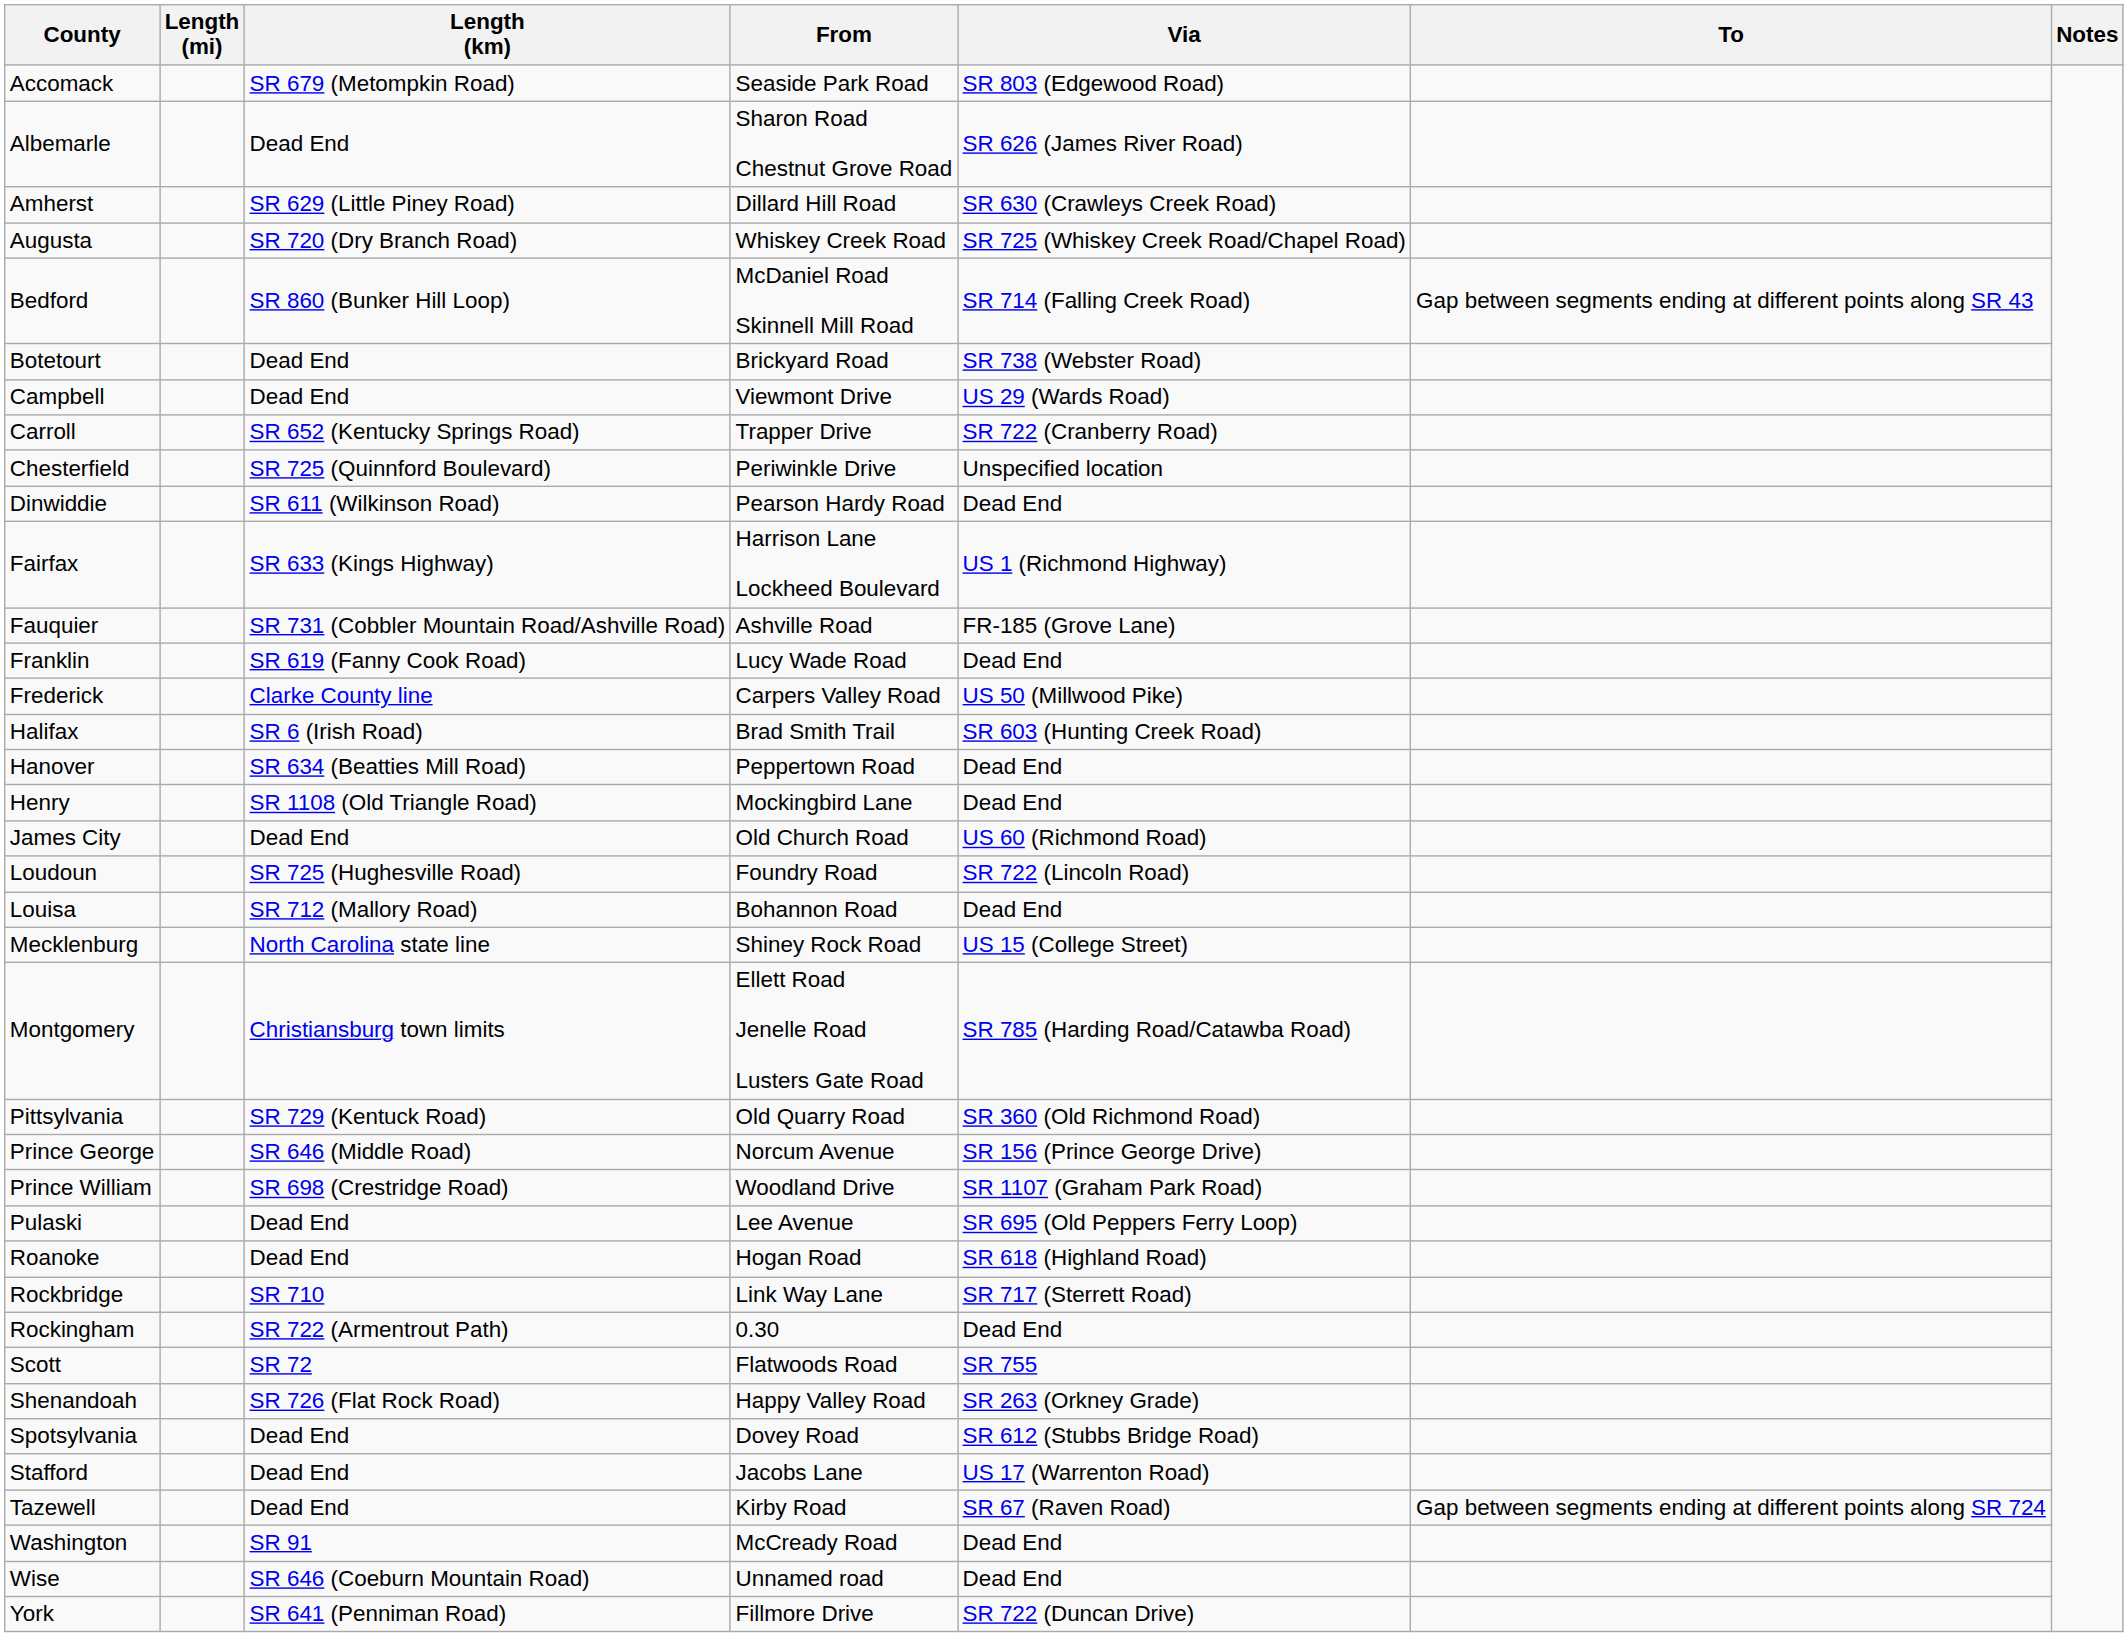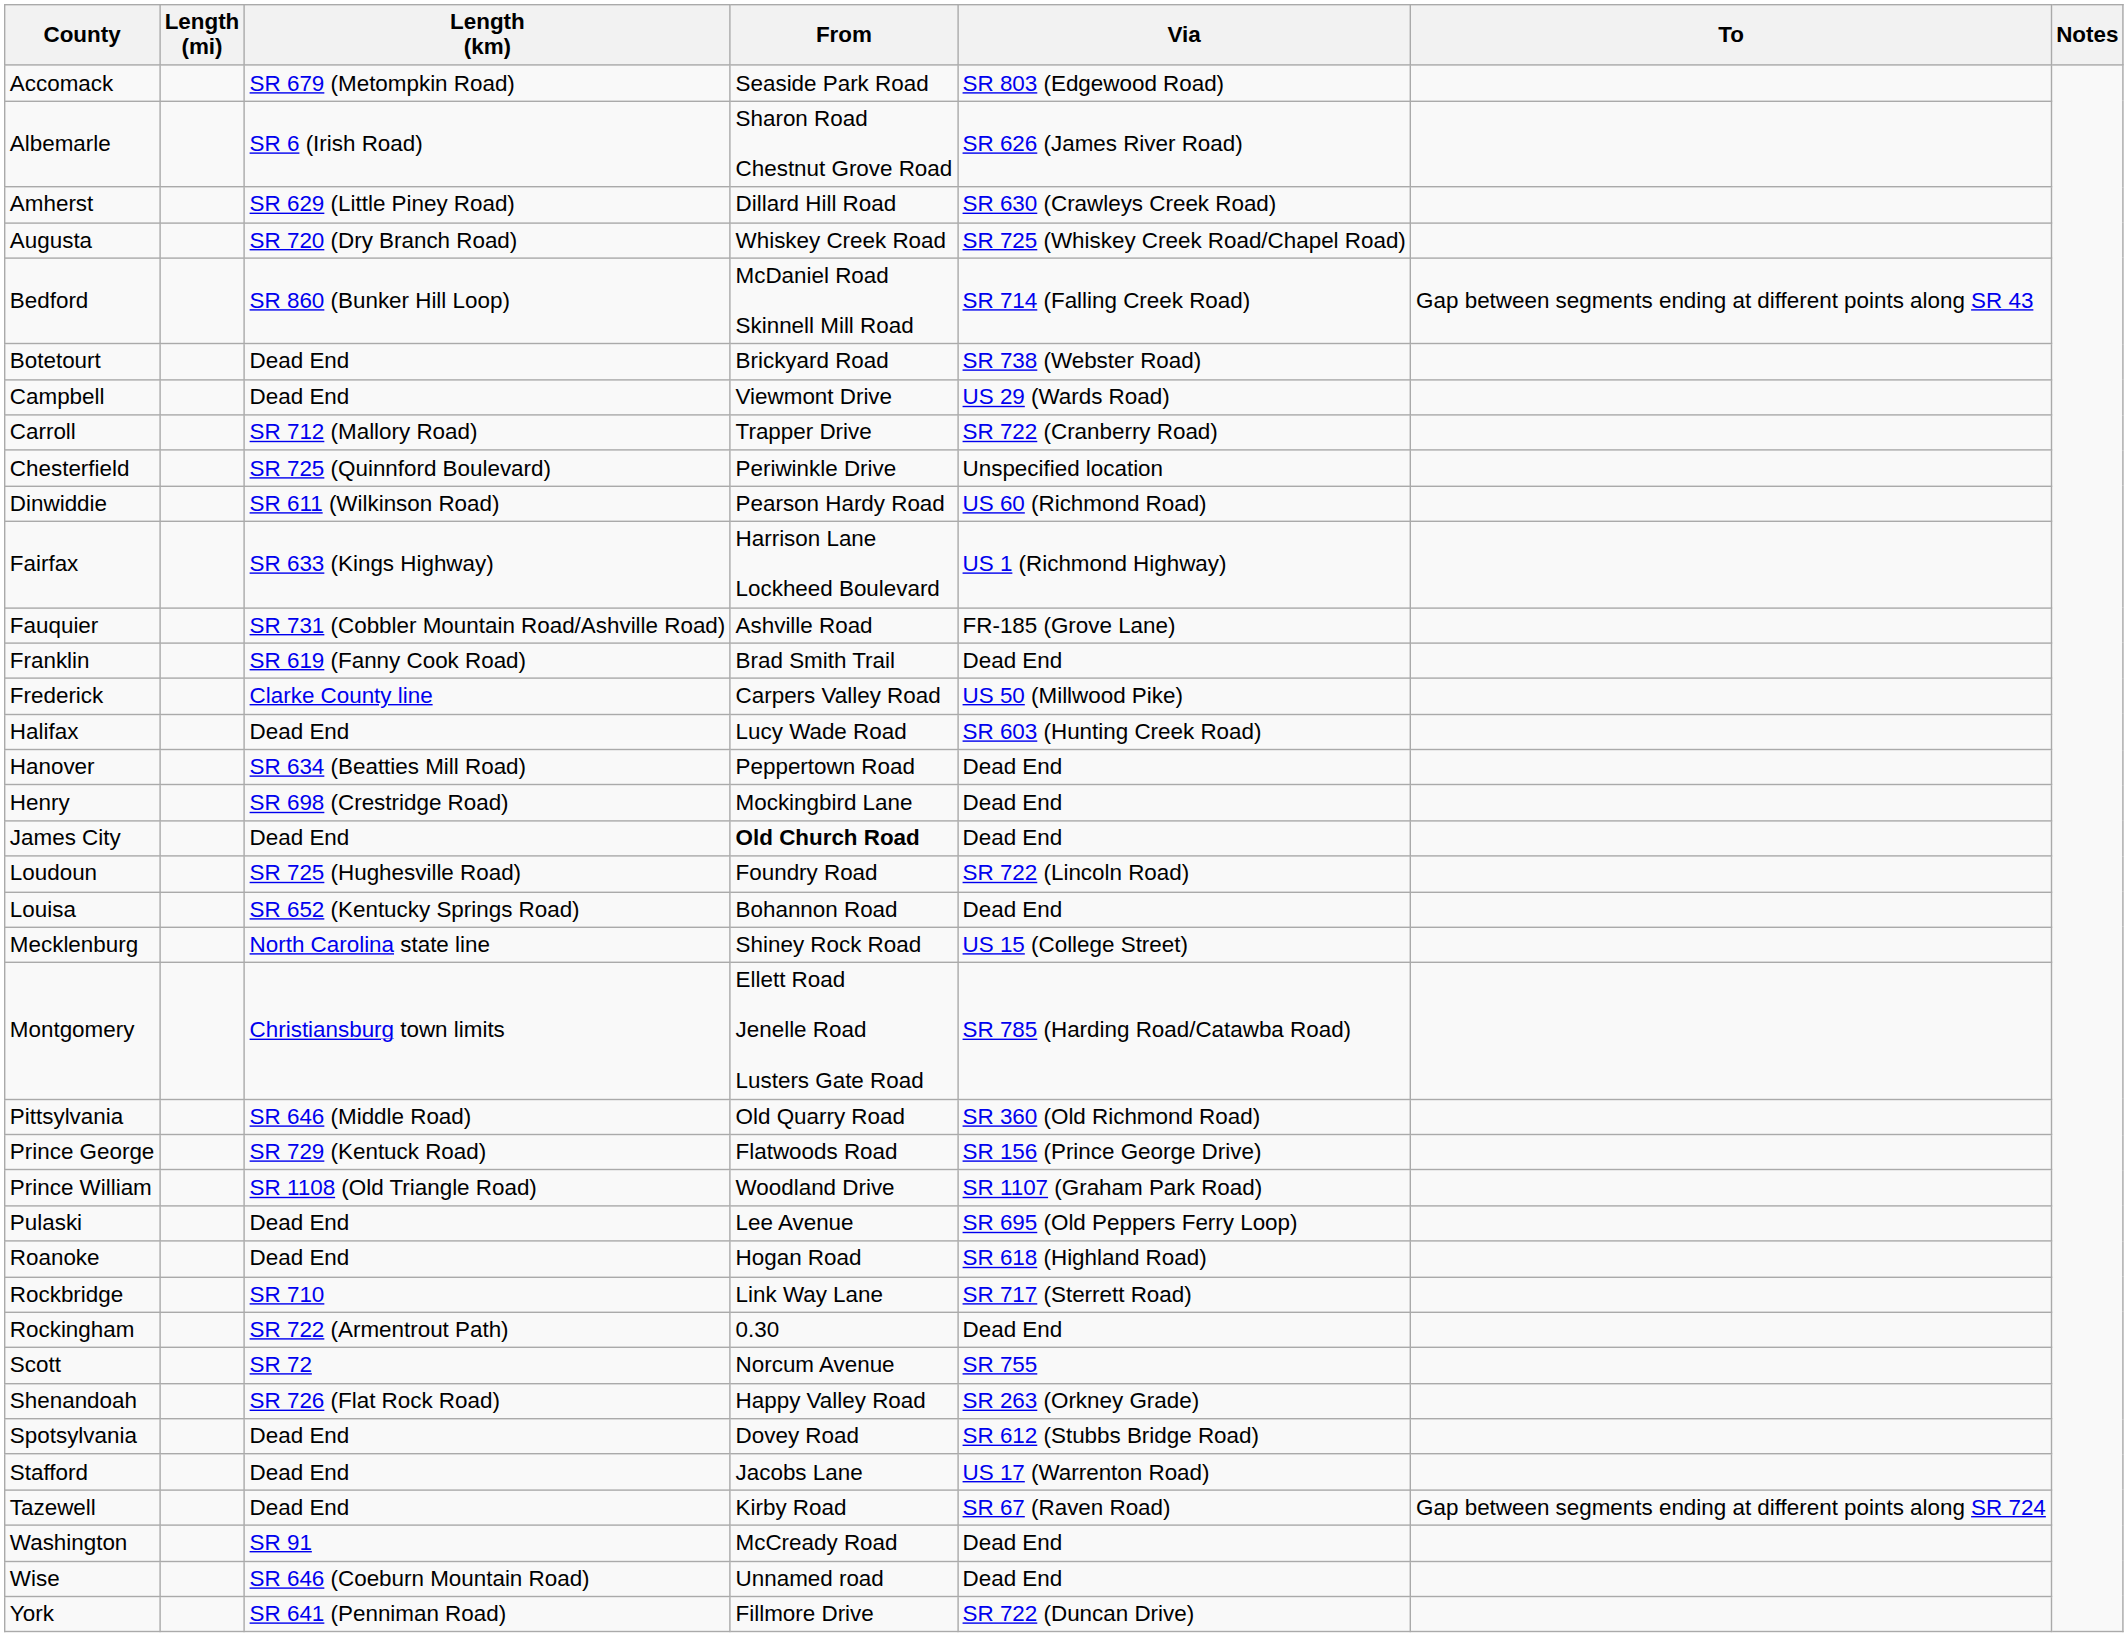 <table class="wikitable sortable">
 <tr>
 <th>County</th>
 <th>Length<br>(mi)</th>
 <th>Length<br>(km)</th>
 <th class="unsortable">From</th>
 <th class="unsortable">Via</th>
 <th class="unsortable">To</th>
 <th class="unsortable">Notes</th>
 </tr>
 <tr>
 <td id="Accomack">Accomack</td>
 <td></td>
 <td><a href='#'>SR 679</a> (Metompkin Road)</td>
 <td>Seaside Park Road</td>
 <td><a href='#'>SR 803</a> (Edgewood Road)</td>
 <td></td>
 </tr>
 <tr>
 <td id="Albemarle">Albemarle</td>
 <td></td>
-<td>Dead End</td>
+<td><a href='#'>SR 6</a> (Irish Road)</td>
 <td>Sharon Road<br><br>Chestnut Grove Road</td>
 <td><a href='#'>SR 626</a> (James River Road)</td>
 <td><br> </td>
 </tr>
 <tr>
 <td id="Amherst">Amherst</td>
 <td></td>
 <td><a href='#'>SR 629</a> (Little Piney Road)</td>
 <td>Dillard Hill Road</td>
 <td><a href='#'>SR 630</a> (Crawleys Creek Road)</td>
 <td><br> </td>
 </tr>
 <tr>
 <td id="Augusta">Augusta</td>
 <td></td>
 <td><a href='#'>SR 720</a> (Dry Branch Road)</td>
 <td>Whiskey Creek Road</td>
 <td><a href='#'>SR 725</a> (Whiskey Creek Road/Chapel Road)</td>
 <td><br></td>
 </tr>
 <tr>
 <td id="Bedford">Bedford</td>
 <td></td>
 <td><a href='#'>SR 860</a> (Bunker Hill Loop)</td>
 <td>McDaniel Road<br><br>Skinnell Mill Road</td>
 <td><a href='#'>SR 714</a> (Falling Creek Road)</td>
 <td>Gap between segments ending at different points along <a href='#'>SR 43</a><br></td>
 </tr>
 <tr>
 <td id="Botetourt">Botetourt</td>
 <td></td>
 <td>Dead End</td>
 <td>Brickyard Road</td>
 <td><a href='#'>SR 738</a> (Webster Road)</td>
 <td><br>  </td>
 </tr>
 <tr>
 <td id="Campbell">Campbell</td>
 <td></td>
 <td>Dead End</td>
 <td>Viewmont Drive</td>
 <td><a href='#'>US 29</a> (Wards Road)</td>
 <td><br></td>
 </tr>
 <tr>
 <td id="Carroll">Carroll</td>
 <td></td>
-<td><a href='#'>SR 652</a> (Kentucky Springs Road)</td>
+<td><a href='#'>SR 712</a> (Mallory Road)</td>
 <td>Trapper Drive</td>
 <td><a href='#'>SR 722</a> (Cranberry Road)</td>
 <td><br> </td>
 </tr>
 <tr>
 <td id="Chesterfield">Chesterfield</td>
 <td></td>
 <td><a href='#'>SR 725</a> (Quinnford Boulevard)</td>
 <td>Periwinkle Drive</td>
 <td>Unspecified location</td>
 <td><br>    </td>
 </tr>
 <tr>
 <td id="Dinwiddie">Dinwiddie</td>
 <td></td>
 <td><a href='#'>SR 611</a> (Wilkinson Road)</td>
 <td>Pearson Hardy Road</td>
-<td>Dead End</td>
+<td><a href='#'>US 60</a> (Richmond Road)</td>
 <td><br></td>
 </tr>
 <tr>
 <td id="Fairfax">Fairfax</td>
 <td></td>
 <td><a href='#'>SR 633</a> (Kings Highway)</td>
 <td>Harrison Lane<br><br>Lockheed Boulevard</td>
 <td><a href='#'>US 1</a> (Richmond Highway)</td>
 <td></td>
 </tr>
 <tr>
 <td id="Fauquier">Fauquier</td>
 <td></td>
 <td><a href='#'>SR 731</a> (Cobbler Mountain Road/Ashville Road)</td>
 <td>Ashville Road</td>
 <td>FR-185 (Grove Lane)</td>
 <td><br> </td>
 </tr>
 <tr>
 <td id="Franklin">Franklin</td>
 <td></td>
 <td><a href='#'>SR 619</a> (Fanny Cook Road)</td>
-<td>Lucy Wade Road</td>
+<td>Brad Smith Trail</td>
 <td>Dead End</td>
 <td></td>
 </tr>
 <tr>
 <td id="Frederick">Frederick</td>
 <td></td>
 <td><a href='#'>Clarke County line</a></td>
 <td>Carpers Valley Road</td>
 <td><a href='#'>US 50</a> (Millwood Pike)</td>
 <td><br>     </td>
 </tr>
 <tr>
 <td id="Halifax">Halifax</td>
 <td></td>
-<td><a href='#'>SR 6</a> (Irish Road)</td>
-<td>Brad Smith Trail</td>
+<td>Dead End</td>
+<td>Lucy Wade Road</td>
 <td><a href='#'>SR 603</a> (Hunting Creek Road)</td>
 <td></td>
 </tr>
 <tr>
 <td id="Hanover">Hanover</td>
 <td></td>
 <td><a href='#'>SR 634</a> (Beatties Mill Road)</td>
 <td>Peppertown Road</td>
 <td>Dead End</td>
 <td><br></td>
 </tr>
 <tr>
 <td id="Henry">Henry</td>
 <td></td>
-<td><a href='#'>SR 1108</a> (Old Triangle Road)</td>
+<td><a href='#'>SR 698</a> (Crestridge Road)</td>
 <td>Mockingbird Lane</td>
 <td>Dead End</td>
 <td><br> </td>
 </tr>
 <tr>
 <td id="James City">James City</td>
 <td></td>
 <td>Dead End</td>
-<td>Old Church Road</td>
-<td><a href='#'>US 60</a> (Richmond Road)</td>
+<td><strong>Old Church Road</strong></td>
+<td>Dead End</td>
 <td><br>    </td>
 </tr>
 <tr>
 <td id="Loudoun">Loudoun</td>
 <td></td>
 <td><a href='#'>SR 725</a> (Hughesville Road)</td>
 <td>Foundry Road</td>
 <td><a href='#'>SR 722</a> (Lincoln Road)</td>
 <td></td>
 </tr>
 <tr>
 <td id="Louisa">Louisa</td>
 <td></td>
-<td><a href='#'>SR 712</a> (Mallory Road)</td>
+<td><a href='#'>SR 652</a> (Kentucky Springs Road)</td>
 <td>Bohannon Road</td>
 <td>Dead End</td>
 <td><br>  </td>
 </tr>
 <tr>
 <td id="Mecklenburg">Mecklenburg</td>
 <td></td>
 <td><a href='#'>North Carolina</a> state line</td>
 <td>Shiney Rock Road</td>
 <td><a href='#'>US 15</a> (College Street)</td>
 <td><br></td>
 </tr>
 <tr>
 <td id="Montgomery">Montgomery</td>
 <td></td>
 <td><a href='#'>Christiansburg</a> town limits</td>
 <td>Ellett Road<br><br>Jenelle Road<br><br>Lusters Gate Road</td>
 <td><a href='#'>SR 785</a> (Harding Road/Catawba Road)</td>
 <td><br>       </td>
 </tr>
 <tr>
 <td id="Pittsylvania">Pittsylvania</td>
 <td></td>
-<td><a href='#'>SR 729</a> (Kentuck Road)</td>
+<td><a href='#'>SR 646</a> (Middle Road)</td>
 <td>Old Quarry Road</td>
 <td><a href='#'>SR 360</a> (Old Richmond Road)</td>
 <td><br> </td>
 </tr>
 <tr>
 <td id="Prince George">Prince George</td>
 <td></td>
-<td><a href='#'>SR 646</a> (Middle Road)</td>
-<td>Norcum Avenue</td>
+<td><a href='#'>SR 729</a> (Kentuck Road)</td>
+<td>Flatwoods Road</td>
 <td><a href='#'>SR 156</a> (Prince George Drive)</td>
 <td></td>
 </tr>
 <tr>
 <td id="Prince William">Prince William</td>
 <td></td>
-<td><a href='#'>SR 698</a> (Crestridge Road)</td>
+<td><a href='#'>SR 1108</a> (Old Triangle Road)</td>
 <td>Woodland Drive</td>
 <td><a href='#'>SR 1107</a> (Graham Park Road)</td>
 <td></td>
 </tr>
 <tr>
 <td id="Pulaski">Pulaski</td>
 <td></td>
 <td>Dead End</td>
 <td>Lee Avenue</td>
 <td><a href='#'>SR 695</a> (Old Peppers Ferry Loop)</td>
 <td><br> </td>
 </tr>
 <tr>
 <td id="Roanoke">Roanoke</td>
 <td></td>
 <td>Dead End</td>
 <td>Hogan Road</td>
 <td><a href='#'>SR 618</a> (Highland Road)</td>
 <td></td>
 </tr>
 <tr>
 <td id="Rockbridge">Rockbridge</td>
 <td></td>
 <td><a href='#'>SR 710</a></td>
 <td>Link Way Lane</td>
 <td><a href='#'>SR 717</a> (Sterrett Road)</td>
 <td></td>
 </tr>
 <tr>
 <td id="Rockingham">Rockingham</td>
 <td></td>
 <td><a href='#'>SR 722</a> (Armentrout Path)</td>
 <td>0.30</td>
 <td>Dead End</td>
 <td><br></td>
 </tr>
 <tr>
 <td id="Scott">Scott</td>
 <td></td>
 <td><a href='#'>SR 72</a></td>
-<td>Flatwoods Road</td>
+<td>Norcum Avenue</td>
 <td><a href='#'>SR 755</a></td>
 <td></td>
 </tr>
 <tr>
 <td id="Shenandoah">Shenandoah</td>
 <td></td>
 <td><a href='#'>SR 726</a> (Flat Rock Road)</td>
 <td>Happy Valley Road</td>
 <td><a href='#'>SR 263</a> (Orkney Grade)</td>
 <td><br> </td>
 </tr>
 <tr>
 <td id="Spotsylvania">Spotsylvania</td>
 <td></td>
 <td>Dead End</td>
 <td>Dovey Road</td>
 <td><a href='#'>SR 612</a> (Stubbs Bridge Road)</td>
 <td></td>
 </tr>
 <tr>
 <td id="Stafford">Stafford</td>
 <td></td>
 <td>Dead End</td>
 <td>Jacobs Lane</td>
 <td><a href='#'>US 17</a> (Warrenton Road)</td>
 <td><br> </td>
 </tr>
 <tr>
 <td id="Tazewell">Tazewell</td>
 <td></td>
 <td>Dead End</td>
 <td>Kirby Road</td>
 <td><a href='#'>SR 67</a> (Raven Road)</td>
 <td>Gap between segments ending at different points along <a href='#'>SR 724</a><br></td>
 </tr>
 <tr>
 <td id="Washington">Washington</td>
 <td></td>
 <td><a href='#'>SR 91</a></td>
 <td>McCready Road</td>
 <td>Dead End</td>
 <td><br></td>
 </tr>
 <tr>
 <td id="Wise">Wise</td>
 <td></td>
 <td><a href='#'>SR 646</a> (Coeburn Mountain Road)</td>
 <td>Unnamed road</td>
 <td>Dead End</td>
 <td><br></td>
 </tr>
 <tr>
 <td id="York">York</td>
 <td></td>
 <td><a href='#'>SR 641</a> (Penniman Road)</td>
 <td>Fillmore Drive</td>
 <td><a href='#'>SR 722</a> (Duncan Drive)</td>
 <td></td>
 </tr>
 </table>
